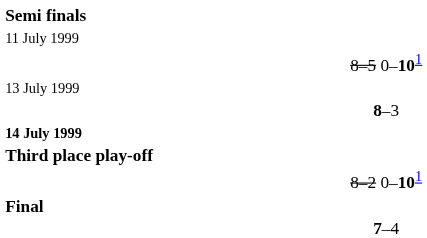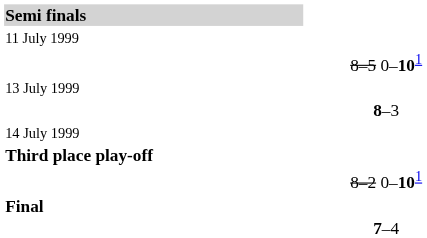 <table width=100% cellspacing=1>
 <tr>
 <th width=22%></th>
 <th width=12%></th>
 <th></th>
 </tr>
 <tr>
-<td><strong>Semi finals</strong></td>
+<td style="background: lightgrey;"><strong>Semi finals</strong></td>
 </tr>
 <tr>
 <td><small>11 July 1999</small></td>
 </tr>
 <tr>
 <td align=right></td>
 <td align=center><s>8–5</s> 0–<strong>10</strong><sup><a href='#'>1</a></sup></td>
 <td><strong></strong></td>
 </tr>
 <tr>
 <td><small>13 July 1999</small></td>
 </tr>
 <tr>
 <td align=right><strong></strong></td>
 <td align=center><strong>8</strong>–3</td>
 <td></td>
 </tr>
 <tr>
-<td><strong><small>14 July 1999</small></strong></td>
+<td><small>14 July 1999</small></td>
 </tr>
 <tr>
 <td><strong>Third place play-off</strong></td>
 </tr>
 <tr>
 <td align=right></td>
 <td align=center><s>8–2</s> 0–<strong>10</strong><sup><a href='#'>1</a></sup></td>
 <td><strong></strong></td>
 </tr>
 <tr>
 <td><strong>Final</strong></td>
 </tr>
 <tr>
 <td align=right><strong></strong></td>
 <td align=center><strong>7</strong>–4</td>
 <td></td>
 </tr>
 </table>
